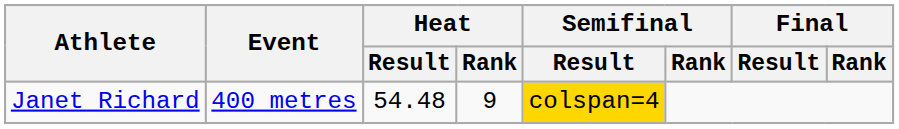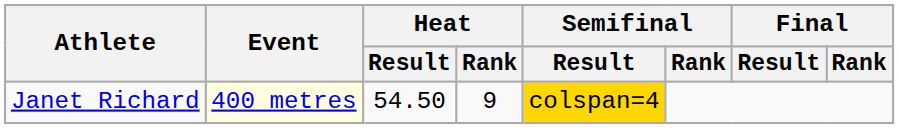 <table class="wikitable" style="font-size:90%">
 <tr>
 <th rowspan="2">Athlete</th>
 <th rowspan="2">Event</th>
 <th colspan="2">Heat</th>
 <th colspan="2">Semifinal</th>
 <th colspan="2">Final</th>
 </tr>
 <tr style="font-size:95%">
 <th>Result</th>
 <th>Rank</th>
 <th>Result</th>
 <th>Rank</th>
 <th>Result</th>
 <th>Rank</th>
 </tr>
 <tr align=center>
 <td align=left><a href='#'>Janet Richard</a></td>
-<td align=left><a href='#'>400 metres</a></td>
-<td>54.48</td>
+<td align=left style="background: lightyellow;"><a href='#'>400 metres</a></td>
+<td>54.50</td>
 <td>9</td>
 <td style="background: gold;">colspan=4 </td>
 </tr>
 </table>
